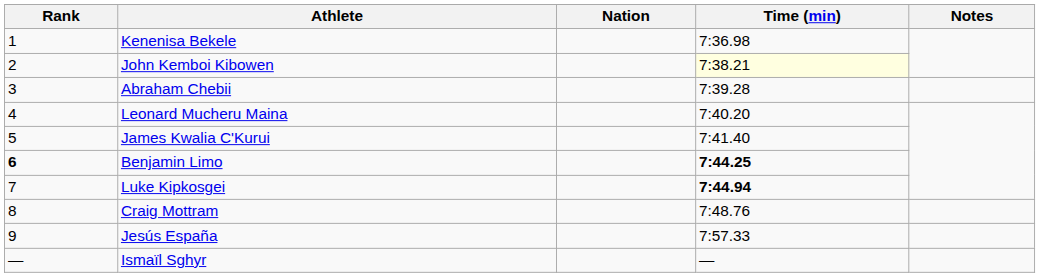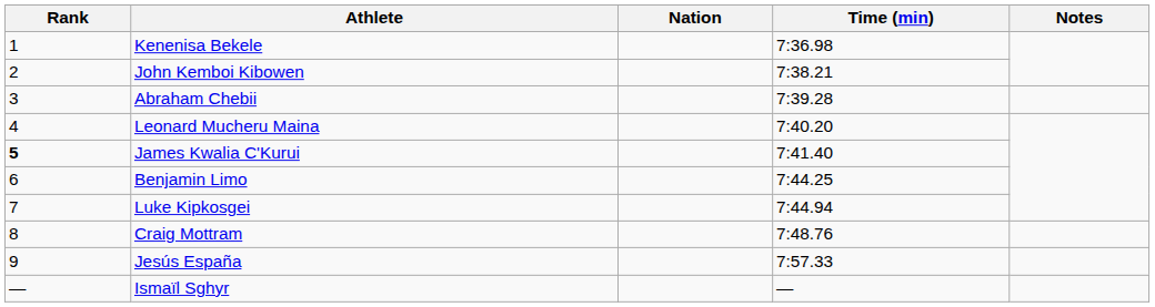 <table class="wikitable" width=85%>
 <tr>
 </tr>
 <tr>
 <th>Rank</th>
 <th>Athlete</th>
 <th>Nation</th>
 <th>Time (<a href='#'>min</a>)</th>
 <th>Notes</th>
 </tr>
 <tr>
 <td>1</td>
 <td><a href='#'>Kenenisa Bekele</a></td>
 <td></td>
 <td>7:36.98</td>
 </tr>
 <tr>
 <td>2</td>
 <td><a href='#'>John Kemboi Kibowen</a></td>
 <td></td>
-<td style="background: lightyellow;">7:38.21</td>
+<td>7:38.21</td>
 </tr>
 <tr>
 <td>3</td>
 <td><a href='#'>Abraham Chebii</a></td>
 <td></td>
 <td>7:39.28</td>
 <td></td>
 </tr>
 <tr>
 <td>4</td>
 <td><a href='#'>Leonard Mucheru Maina</a></td>
 <td></td>
 <td>7:40.20</td>
 </tr>
 <tr>
-<td>5</td>
+<td><strong>5</strong></td>
 <td><a href='#'>James Kwalia C'Kurui</a></td>
 <td></td>
 <td>7:41.40</td>
 </tr>
 <tr>
-<td><strong>6</strong></td>
+<td>6</td>
 <td><a href='#'>Benjamin Limo</a></td>
 <td></td>
-<td><strong>7:44.25</strong></td>
+<td>7:44.25</td>
 </tr>
 <tr>
 <td>7</td>
 <td><a href='#'>Luke Kipkosgei</a></td>
 <td></td>
-<td><strong>7:44.94</strong></td>
+<td>7:44.94</td>
 </tr>
 <tr>
 <td>8</td>
 <td><a href='#'>Craig Mottram</a></td>
 <td></td>
 <td>7:48.76</td>
 <td></td>
 </tr>
 <tr>
 <td>9</td>
 <td><a href='#'>Jesús España</a></td>
 <td></td>
 <td>7:57.33</td>
 </tr>
 <tr>
 <td>—</td>
 <td><a href='#'>Ismaïl Sghyr</a></td>
 <td></td>
 <td>—</td>
 <td></td>
 </tr>
 </table>
